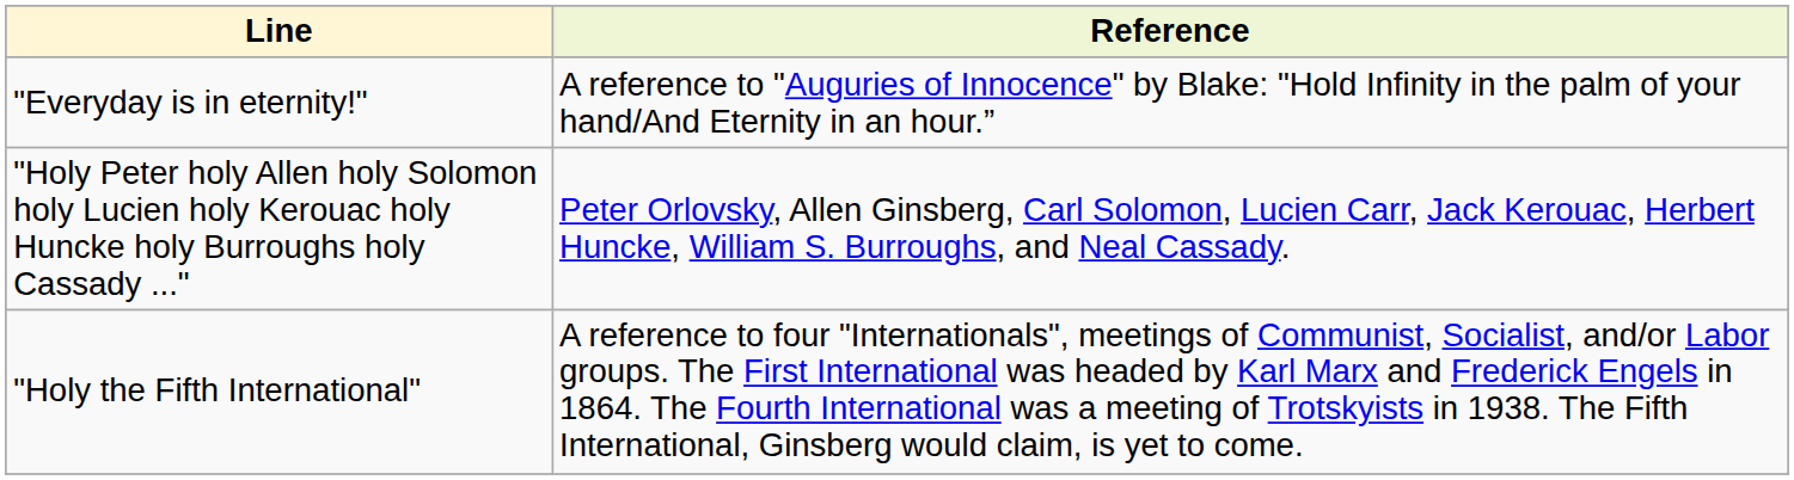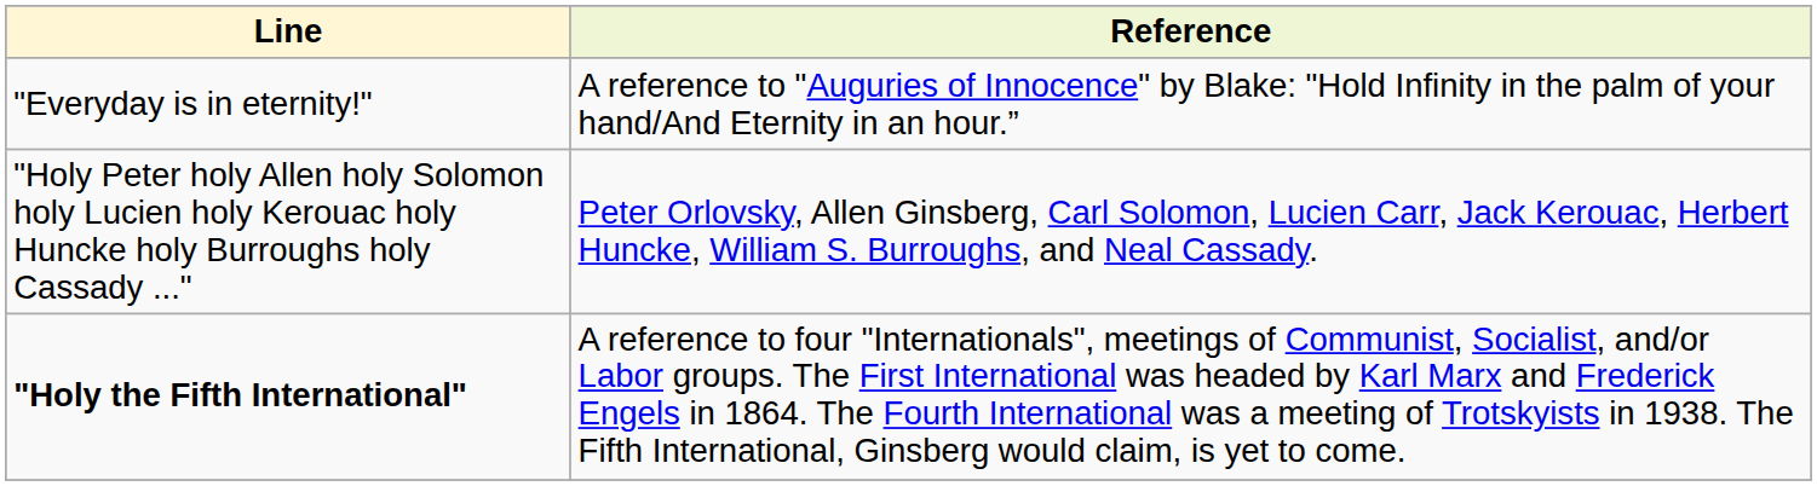 <table class="wikitable">
 <tr>
 <th style="background:#FFF6D6;">Line</th>
 <th colspan="2" style="background:#EEF6D6;">Reference</th>
 </tr>
 <tr>
 <td>"Everyday is in eternity!"</td>
 <td>A reference to "<a href='#'>Auguries of Innocence</a>" by Blake: "Hold Infinity in the palm of your hand/And Eternity in an hour.” </td>
 </tr>
 <tr>
 <td>"Holy Peter holy Allen holy Solomon holy Lucien holy Kerouac holy Huncke holy Burroughs holy Cassady ..."</td>
 <td><a href='#'>Peter Orlovsky</a>, Allen Ginsberg, <a href='#'>Carl Solomon</a>, <a href='#'>Lucien Carr</a>, <a href='#'>Jack Kerouac</a>, <a href='#'>Herbert Huncke</a>, <a href='#'>William S. Burroughs</a>, and <a href='#'>Neal Cassady</a>.</td>
 </tr>
 <tr>
-<td>"Holy the Fifth International"</td>
+<td><strong>"Holy the Fifth International"</strong></td>
 <td>A reference to four "Internationals", meetings of <a href='#'>Communist</a>, <a href='#'>Socialist</a>, and/or <a href='#'>Labor</a> groups. The <a href='#'>First International</a> was headed by <a href='#'>Karl Marx</a> and <a href='#'>Frederick Engels</a> in 1864. The <a href='#'>Fourth International</a> was a meeting of <a href='#'>Trotskyists</a> in 1938. The Fifth International, Ginsberg would claim, is yet to come.</td>
 </tr>
 </table>
